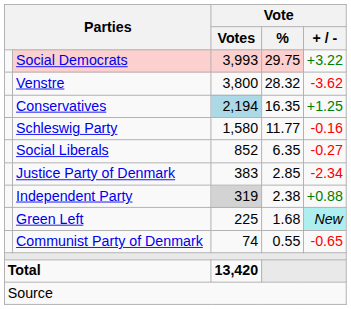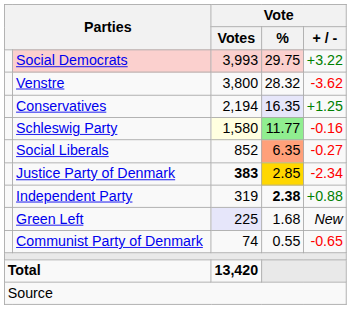 <table class="wikitable" style="text-align:right;">
 <tr>
 <th style="text-align:centre;" rowspan="2" colspan="2" width="225">Parties</th>
 <th colspan="3">Vote</th>
 </tr>
 <tr>
 <th width="15">Votes</th>
 <th width="15">%</th>
 <th width="15">+ / -</th>
 </tr>
 <tr>
 <td width="2" style="color:inherit;background:"></td>
 <td bgcolor=#fbd0ce  align="left"><a href='#'>Social Democrats</a></td>
 <td bgcolor=#fbd0ce>3,993</td>
 <td bgcolor=#fbd0ce>29.75</td>
 <td style=color:green;>+3.22</td>
 </tr>
 <tr>
 <td width="2" style="color:inherit;background:"></td>
 <td align="left"><a href='#'>Venstre</a></td>
 <td>3,800</td>
 <td>28.32</td>
 <td style=color:red;>-3.62</td>
 </tr>
 <tr>
 <td width="2" style="color:inherit;background:"></td>
 <td align="left"><a href='#'>Conservatives</a></td>
-<td style="background: lightblue;">2,194</td>
-<td>16.35</td>
+<td>2,194</td>
+<td style="background: lavender;">16.35</td>
 <td style=color:green;>+1.25</td>
 </tr>
 <tr>
 <td width="2" style="color:inherit;background:"></td>
 <td align="left"><a href='#'>Schleswig Party</a></td>
-<td>1,580</td>
-<td>11.77</td>
+<td style="background: lightyellow;">1,580</td>
+<td style="background: lightgreen;">11.77</td>
 <td style=color:red;>-0.16</td>
 </tr>
 <tr>
 <td width="2" style="color:inherit;background:"></td>
 <td align="left"><a href='#'>Social Liberals</a></td>
 <td>852</td>
-<td>6.35</td>
+<td style="background: lightsalmon;">6.35</td>
 <td style=color:red;>-0.27</td>
 </tr>
 <tr>
 <td width="2" style="color:inherit;background:"></td>
 <td align="left"><a href='#'>Justice Party of Denmark</a></td>
-<td>383</td>
-<td>2.85</td>
+<td><strong>383</strong></td>
+<td style="background: gold;">2.85</td>
 <td style=color:red;>-2.34</td>
 </tr>
 <tr>
 <td width="2" style="color:inherit;background:"></td>
 <td align="left"><a href='#'>Independent Party</a></td>
-<td style="background: lightgrey;">319</td>
-<td>2.38</td>
+<td>319</td>
+<td><strong>2.38</strong></td>
 <td style=color:green;>+0.88</td>
 </tr>
 <tr>
 <td width="2" style="color:inherit;background:"></td>
 <td align="left"><a href='#'>Green Left</a></td>
-<td>225</td>
+<td style="background: lavender;">225</td>
 <td>1.68</td>
-<td style="background: paleturquoise;"><em>New</em></td>
+<td><em>New</em></td>
 </tr>
 <tr>
 <td width="2" style="color:inherit;background:"></td>
 <td align="left"><a href='#'>Communist Party of Denmark</a></td>
 <td>74</td>
 <td>0.55</td>
 <td style=color:red;>-0.65</td>
 </tr>
 <tr>
 <td colspan="7" bgcolor="#E9E9E9"></td>
 </tr>
 <tr>
 <td align="left" colspan="2"><strong>Total</strong></td>
 <td><strong>13,420</strong></td>
 <td bgcolor="#E9E9E9" colspan="2"></td>
 </tr>
 <tr>
 <td align="left" colspan="6">Source</td>
 </tr>
 </table>
